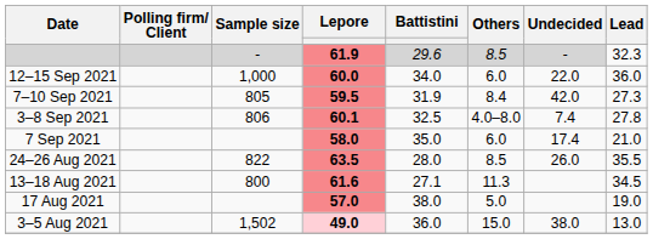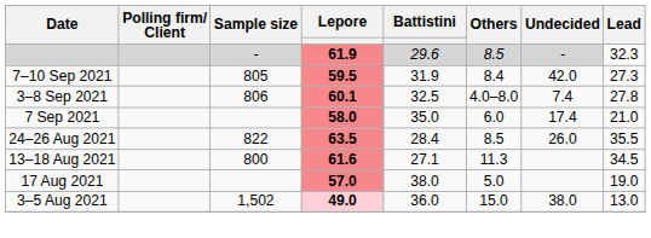 <table class=wikitable style="text-align:center;font-size:85%;line-height:13px">
 <tr style="height:30px; background-color:#E9E9E9">
 <th rowspan="2">Date</th>
 <th rowspan="2">Polling firm/<br>Client</th>
 <th rowspan="2">Sample size</th>
 <th style="width:70px;">Lepore</th>
 <th style="width:70px;">Battistini</th>
 <th rowspan="2">Others</th>
 <th rowspan="2">Undecided</th>
 <th rowspan="2">Lead</th>
 </tr>
 <tr>
 <th style="background:"></th>
 <th style="background:"></th>
 </tr>
 <tr>
 <td style="background:#D5D5D5"></td>
 <td style="background:#D5D5D5"></td>
 <td style="background:#D5D5D5"><em>-</em></td>
 <td style="background:#F7878B"><strong>61.9</strong></td>
 <td style="background:#D5D5D5"><em>29.6</em></td>
 <td style="background:#D5D5D5"><em>8.5</em></td>
 <td style="background:#D5D5D5"><em>-</em></td>
 <td style="background:">32.3</td>
-</tr>
-<tr>
-<td>12–15 Sep 2021</td>
-<td></td>
-<td>1,000</td>
-<td style="background:#F7878B"><strong>60.0</strong></td>
-<td>34.0</td>
-<td>6.0</td>
-<td>22.0</td>
-<td style="background:">36.0</td>
 </tr>
 <tr>
 <td>7–10 Sep 2021</td>
 <td></td>
 <td>805</td>
 <td style="background:#F7878B"><strong>59.5</strong></td>
 <td>31.9</td>
 <td>8.4</td>
 <td>42.0</td>
 <td style="background:">27.3</td>
 </tr>
 <tr>
 <td>3–8 Sep 2021</td>
 <td></td>
 <td>806</td>
 <td style="background:#F7878B"><strong>60.1</strong></td>
 <td>32.5</td>
 <td>4.0–8.0</td>
 <td>7.4</td>
 <td style="background:">27.8</td>
 </tr>
 <tr>
 <td>7 Sep 2021</td>
 <td></td>
 <td></td>
 <td style="background:#F7878B"><strong>58.0</strong></td>
 <td>35.0</td>
 <td>6.0</td>
 <td>17.4</td>
 <td style="background:">21.0</td>
 </tr>
 <tr>
 <td>24–26 Aug 2021</td>
 <td></td>
 <td>822</td>
 <td style="background:#F7878B"><strong>63.5</strong></td>
-<td>28.0</td>
+<td>28.4</td>
 <td>8.5</td>
 <td>26.0</td>
 <td style="background:">35.5</td>
 </tr>
 <tr>
 <td>13–18 Aug 2021</td>
 <td></td>
 <td>800</td>
 <td style="background:#F7878B"><strong>61.6</strong></td>
 <td>27.1</td>
 <td>11.3</td>
 <td></td>
 <td style="background:">34.5</td>
 </tr>
 <tr>
 <td>17 Aug 2021</td>
 <td></td>
 <td></td>
 <td style="background:#F7878B"><strong>57.0</strong></td>
 <td>38.0</td>
 <td>5.0</td>
 <td></td>
 <td style="background:">19.0</td>
 </tr>
 <tr>
 <td>3–5 Aug 2021</td>
 <td></td>
 <td>1,502</td>
 <td style="background:#FFD0D7"><strong>49.0</strong></td>
 <td>36.0</td>
 <td>15.0</td>
 <td>38.0</td>
 <td style="background:">13.0</td>
 </tr>
 <tr>
 </tr>
 </table>
